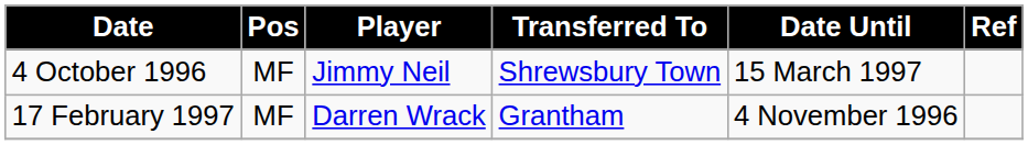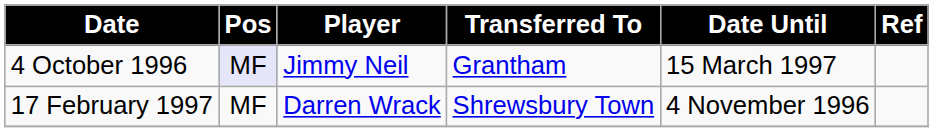 <table class="wikitable plainrowheaders sortable">
 <tr>
 <th style="background:#000000; color:#FFFFFF; ">Date</th>
 <th style="background:#000000; color:#FFFFff; ">Pos</th>
 <th style="background:#000000; color:#FFFFff; ">Player</th>
 <th style="background:#000000; color:#FFFFff; ">Transferred To</th>
 <th style="background:#000000; color:#FFFFff; ">Date Until</th>
 <th style="background:#000000; color:#FFFFff; ">Ref</th>
 </tr>
 <tr>
 <td>4 October 1996</td>
-<td align="center">MF</td>
+<td align="center" style="background: lavender;">MF</td>
 <td> <a href='#'>Jimmy Neil</a></td>
-<td> <a href='#'>Shrewsbury Town</a></td>
+<td> <a href='#'>Grantham</a></td>
 <td>15 March 1997</td>
 <td></td>
 </tr>
 <tr>
 <td>17 February 1997</td>
 <td align="center">MF</td>
 <td> <a href='#'>Darren Wrack</a></td>
-<td> <a href='#'>Grantham</a></td>
+<td> <a href='#'>Shrewsbury Town</a></td>
 <td>4 November 1996</td>
 <td></td>
 </tr>
 <tr>
 </tr>
 </table>
